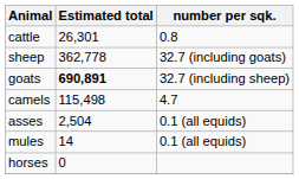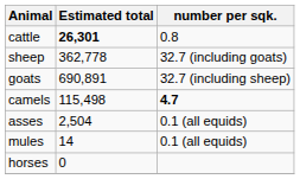 <table align="center" class="wikitable">
 <tr>
 <th>Animal</th>
 <th>Estimated total</th>
 <th>number per sqk.</th>
 </tr>
 <tr>
 <td>cattle</td>
-<td>26,301</td>
+<td><strong>26,301</strong></td>
 <td>0.8</td>
 </tr>
 <tr>
 <td>sheep</td>
 <td>362,778</td>
 <td>32.7 (including goats)</td>
 </tr>
 <tr>
 <td>goats</td>
-<td><strong>690,891</strong></td>
+<td>690,891</td>
 <td>32.7 (including sheep)</td>
 </tr>
 <tr>
 <td>camels</td>
 <td>115,498</td>
-<td>4.7</td>
+<td><strong>4.7</strong></td>
 </tr>
 <tr>
 <td>asses</td>
 <td>2,504</td>
 <td>0.1 (all equids)</td>
 </tr>
 <tr>
 <td>mules</td>
 <td>14</td>
 <td>0.1 (all equids)</td>
 </tr>
 <tr>
 <td>horses</td>
 <td>0</td>
 <td></td>
 </tr>
 <tr>
 </tr>
 </table>
